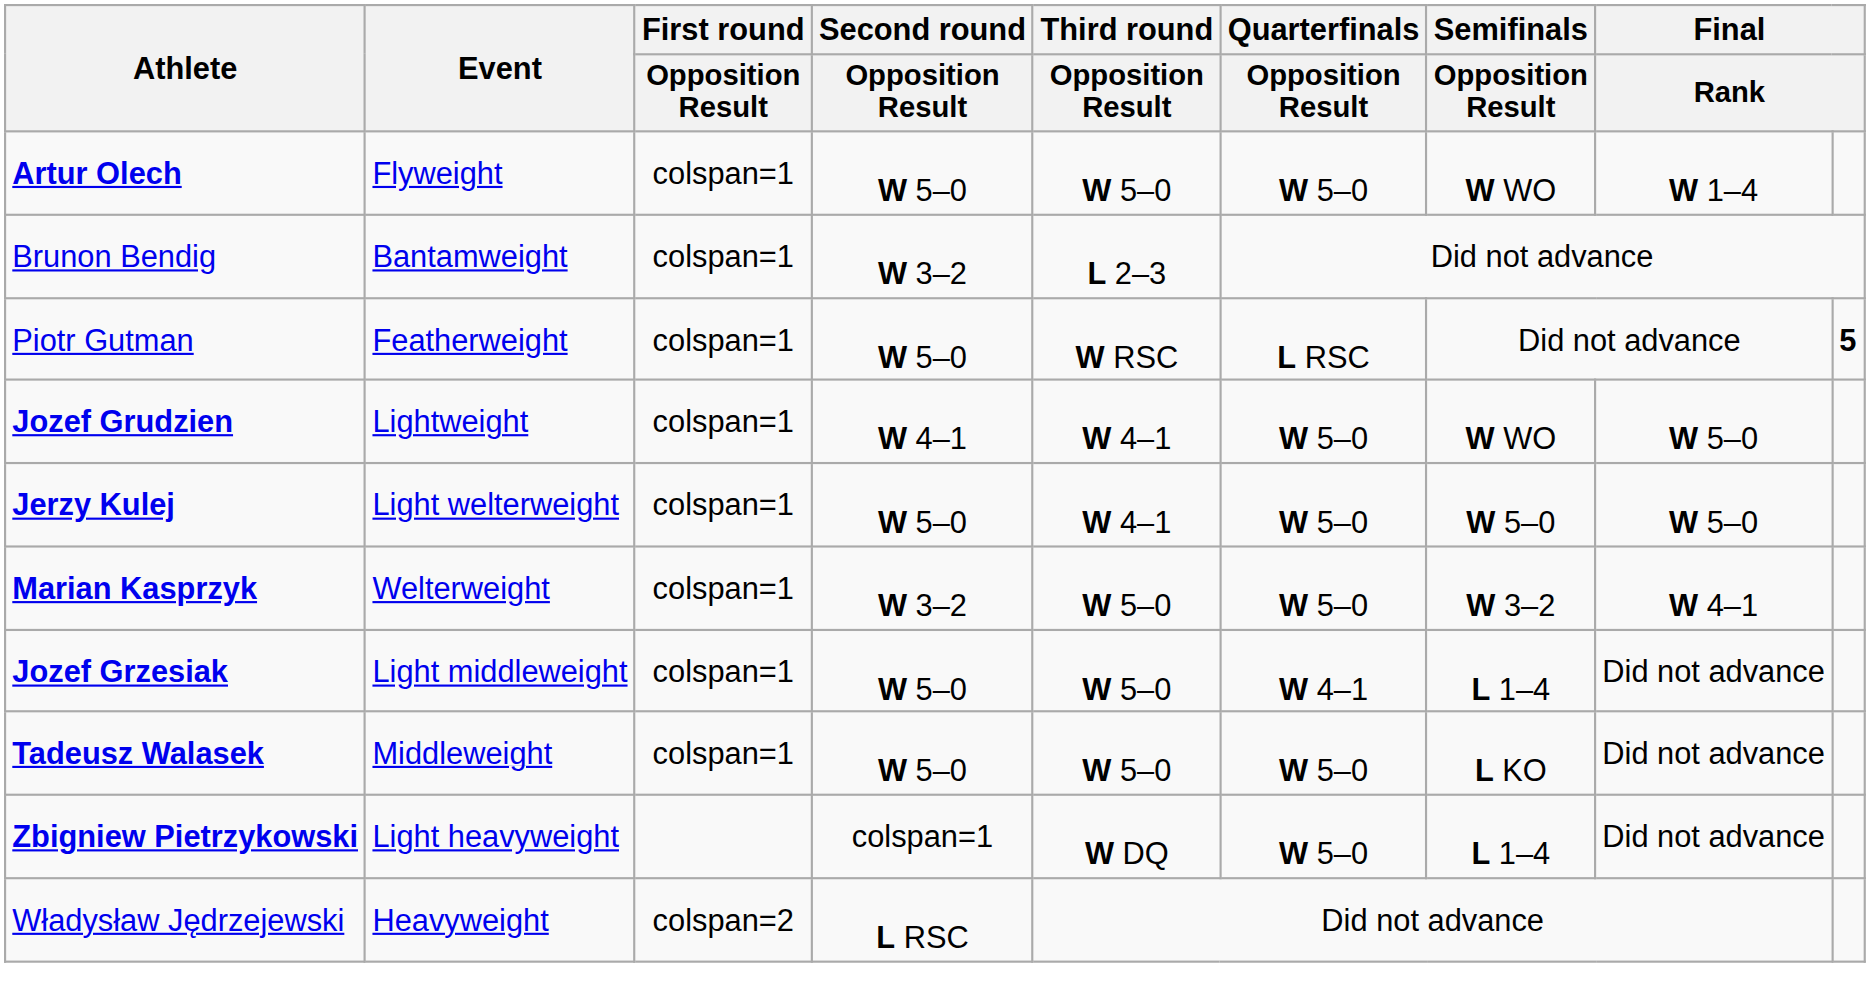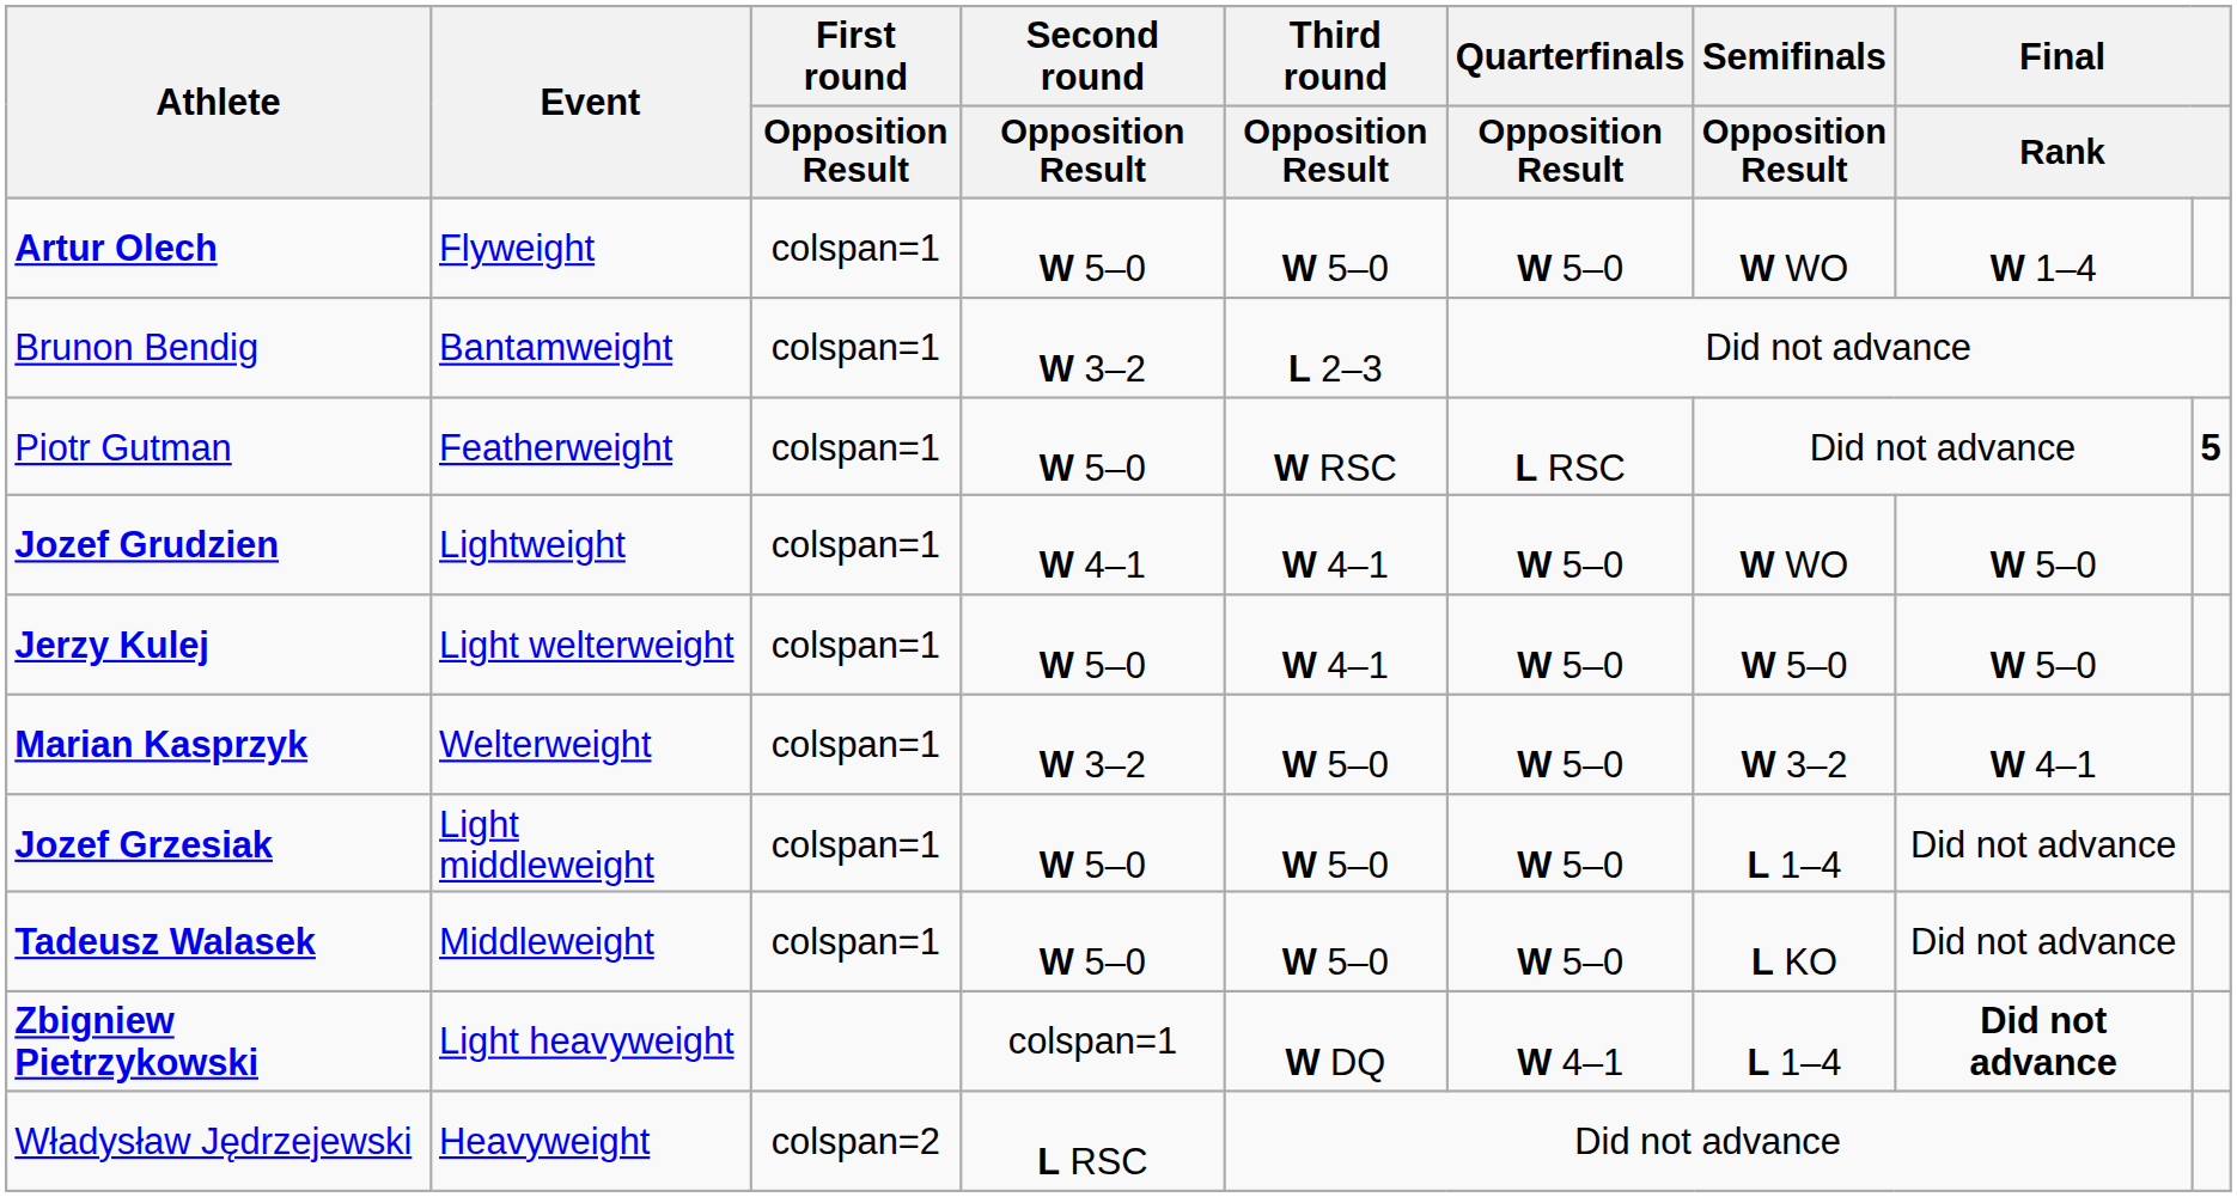 <table class="wikitable" style="font-size:90%">
 <tr>
 <th rowspan="2">Athlete</th>
 <th rowspan="2">Event</th>
 <th>First round</th>
 <th>Second round</th>
 <th>Third round</th>
 <th>Quarterfinals</th>
 <th>Semifinals</th>
 <th colspan=2>Final</th>
 </tr>
 <tr style="font-size:95%">
 <th>Opposition<br>Result</th>
 <th>Opposition<br>Result</th>
 <th>Opposition<br>Result</th>
 <th>Opposition<br>Result</th>
 <th>Opposition<br>Result</th>
 <th colspan=2>Rank</th>
 </tr>
 <tr align=center>
 <td align=left><strong><a href='#'>Artur Olech</a></strong></td>
 <td align=left><a href='#'>Flyweight</a></td>
 <td>colspan=1 </td>
 <td><br><strong>W</strong> 5–0</td>
 <td><br><strong>W</strong> 5–0</td>
 <td><br><strong>W</strong> 5–0</td>
 <td><br><strong>W</strong> WO</td>
 <td><br><strong>W</strong> 1–4</td>
 <td></td>
 </tr>
 <tr align=center>
 <td align=left><a href='#'>Brunon Bendig</a></td>
 <td align=left><a href='#'>Bantamweight</a></td>
 <td>colspan=1 </td>
 <td><br><strong>W</strong> 3–2</td>
 <td><br><strong>L</strong> 2–3</td>
 <td colspan=4>Did not advance</td>
 </tr>
 <tr align=center>
 <td align=left><a href='#'>Piotr Gutman</a></td>
 <td align=left><a href='#'>Featherweight</a></td>
 <td>colspan=1 </td>
 <td><br><strong>W</strong> 5–0</td>
 <td><br><strong>W</strong> RSC</td>
 <td><br><strong>L</strong> RSC</td>
 <td colspan=2>Did not advance</td>
 <td><strong>5</strong></td>
 </tr>
 <tr align=center>
 <td align=left><strong><a href='#'>Jozef Grudzien</a></strong></td>
 <td align=left><a href='#'>Lightweight</a></td>
 <td>colspan=1 </td>
 <td><br><strong>W</strong> 4–1</td>
 <td><br><strong>W</strong> 4–1</td>
 <td><br><strong>W</strong> 5–0</td>
 <td><br><strong>W</strong> WO</td>
 <td><br><strong>W</strong> 5–0</td>
 <td></td>
 </tr>
 <tr align=center>
 <td align=left><strong><a href='#'>Jerzy Kulej</a></strong></td>
 <td align=left><a href='#'>Light welterweight</a></td>
 <td>colspan=1 </td>
 <td><br><strong>W</strong> 5–0</td>
 <td><br><strong>W</strong> 4–1</td>
 <td><br><strong>W</strong> 5–0</td>
 <td><br><strong>W</strong> 5–0</td>
 <td><br><strong>W</strong> 5–0</td>
 <td></td>
 </tr>
 <tr align=center>
 <td align=left><strong><a href='#'>Marian Kasprzyk</a></strong></td>
 <td align=left><a href='#'>Welterweight</a></td>
 <td>colspan=1 </td>
 <td><br><strong>W</strong> 3–2</td>
 <td><br><strong>W</strong> 5–0</td>
 <td><br><strong>W</strong> 5–0</td>
 <td><br><strong>W</strong> 3–2</td>
 <td><br><strong>W</strong> 4–1</td>
 <td></td>
 </tr>
 <tr align=center>
 <td align=left><strong><a href='#'>Jozef Grzesiak</a></strong></td>
 <td align=left><a href='#'>Light middleweight</a></td>
 <td>colspan=1 </td>
 <td><br><strong>W</strong> 5–0</td>
 <td><br><strong>W</strong> 5–0</td>
-<td><br><strong>W</strong> 4–1</td>
+<td><br><strong>W</strong> 5–0</td>
 <td><br><strong>L</strong> 1–4</td>
 <td colspan=1>Did not advance</td>
 <td></td>
 </tr>
 <tr align=center>
 <td align=left><strong><a href='#'>Tadeusz Walasek</a></strong></td>
 <td align=left><a href='#'>Middleweight</a></td>
 <td>colspan=1 </td>
 <td><br><strong>W</strong> 5–0</td>
 <td><br><strong>W</strong> 5–0</td>
 <td><br><strong>W</strong> 5–0</td>
 <td><br><strong>L</strong> KO</td>
 <td colspan=1>Did not advance</td>
 <td></td>
 </tr>
 <tr align=center>
 <td align=left><strong><a href='#'>Zbigniew Pietrzykowski</a></strong></td>
 <td align=left><a href='#'>Light heavyweight</a></td>
 <td></td>
 <td>colspan=1 </td>
 <td><br><strong>W</strong> DQ</td>
-<td><br><strong>W</strong> 5–0</td>
+<td><br><strong>W</strong> 4–1</td>
 <td><br><strong>L</strong> 1–4</td>
-<td colspan=1>Did not advance</td>
+<td colspan=1><strong>Did not advance</strong></td>
 <td></td>
 </tr>
 <tr align=center>
 <td align=left><a href='#'>Władysław Jędrzejewski</a></td>
 <td align=left><a href='#'>Heavyweight</a></td>
 <td>colspan=2 </td>
 <td><br><strong>L</strong> RSC</td>
 <td colspan=4>Did not advance</td>
 </tr>
 </table>
